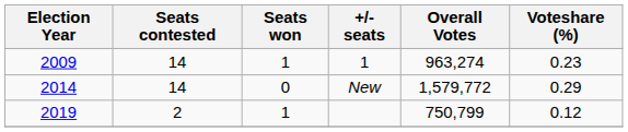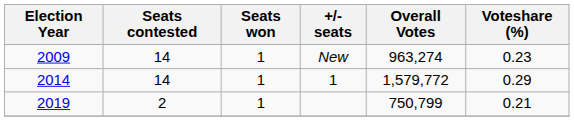 <table class="wikitable" style="text-align:center">
 <tr>
 <th Style="background-color:">Election Year</th>
 <th Style="background-color:">Seats contested</th>
 <th Style="background-color:">Seats won</th>
 <th Style="background-color:">+/- seats</th>
 <th Style="background-color:">Overall Votes</th>
 <th Style="background-color:">Voteshare (%)</th>
 </tr>
 <tr>
 <td><a href='#'>2009</a></td>
 <td>14</td>
 <td>1</td>
-<td> 1</td>
+<td><em>New</em></td>
 <td>963,274</td>
 <td>0.23</td>
 </tr>
 <tr>
 <td><a href='#'>2014</a></td>
 <td>14</td>
-<td>0</td>
-<td><em>New</em></td>
+<td>1</td>
+<td> 1</td>
 <td>1,579,772</td>
 <td>0.29</td>
 </tr>
 <tr>
 <td><a href='#'>2019</a></td>
 <td>2</td>
 <td>1</td>
 <td></td>
 <td>750,799</td>
-<td>0.12</td>
+<td>0.21</td>
 </tr>
 <tr>
 </tr>
 </table>
